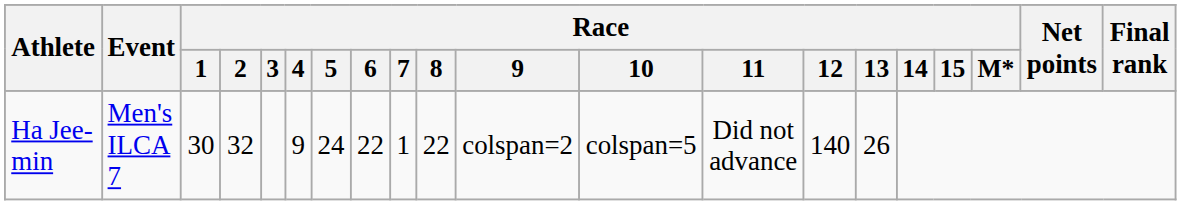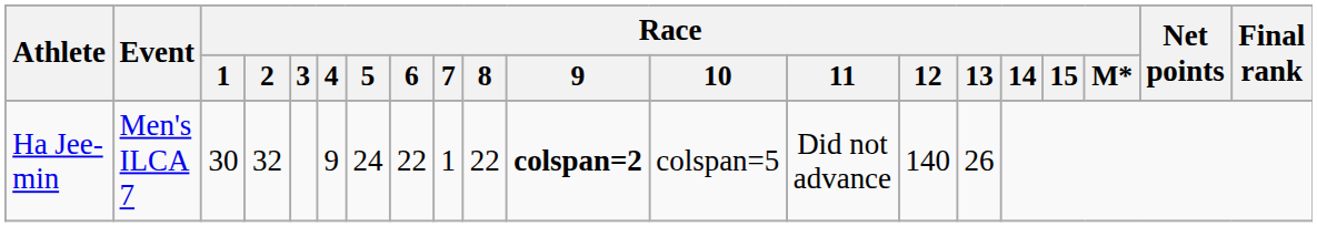 <table class="wikitable" style="font-size:90%">
 <tr>
 <th rowspan="2">Athlete</th>
 <th rowspan="2">Event</th>
 <th colspan=16>Race</th>
 <th rowspan=2>Net points</th>
 <th rowspan=2>Final rank</th>
 </tr>
 <tr style="font-size:95%">
 <th>1</th>
 <th>2</th>
 <th>3</th>
 <th>4</th>
 <th>5</th>
 <th>6</th>
 <th>7</th>
 <th>8</th>
 <th>9</th>
 <th>10</th>
 <th>11</th>
 <th>12</th>
 <th>13</th>
 <th>14</th>
 <th>15</th>
 <th>M*</th>
 </tr>
 <tr align=center>
 <td align=left><a href='#'>Ha Jee-min</a></td>
 <td align=left><a href='#'>Men's ILCA 7</a></td>
 <td>30</td>
 <td>32</td>
 <td></td>
 <td>9</td>
 <td>24</td>
 <td>22</td>
 <td>1</td>
 <td>22</td>
-<td>colspan=2 </td>
+<td><strong>colspan=2 </strong></td>
 <td>colspan=5 </td>
 <td>Did not advance</td>
 <td>140</td>
 <td>26</td>
 </tr>
 </table>
